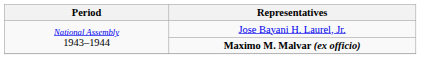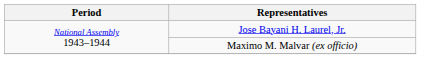 <table class="wikitable" style="text-align:center; width:40%;">
 <tr>
 <th width="40%">Period</th>
 <th>Representatives</th>
 </tr>
 <tr>
 <td rowspan="2"><small><a href='#'><em>National Assembly</em></a></small><br>1943–1944</td>
 <td><a href='#'>Jose Bayani H. Laurel, Jr.</a></td>
 </tr>
 <tr>
-<td><strong>Maximo M. Malvar <em>(ex officio)</em></strong></td>
+<td>Maximo M. Malvar <em>(ex officio)</em></td>
 </tr>
 <tr>
 </tr>
 </table>
